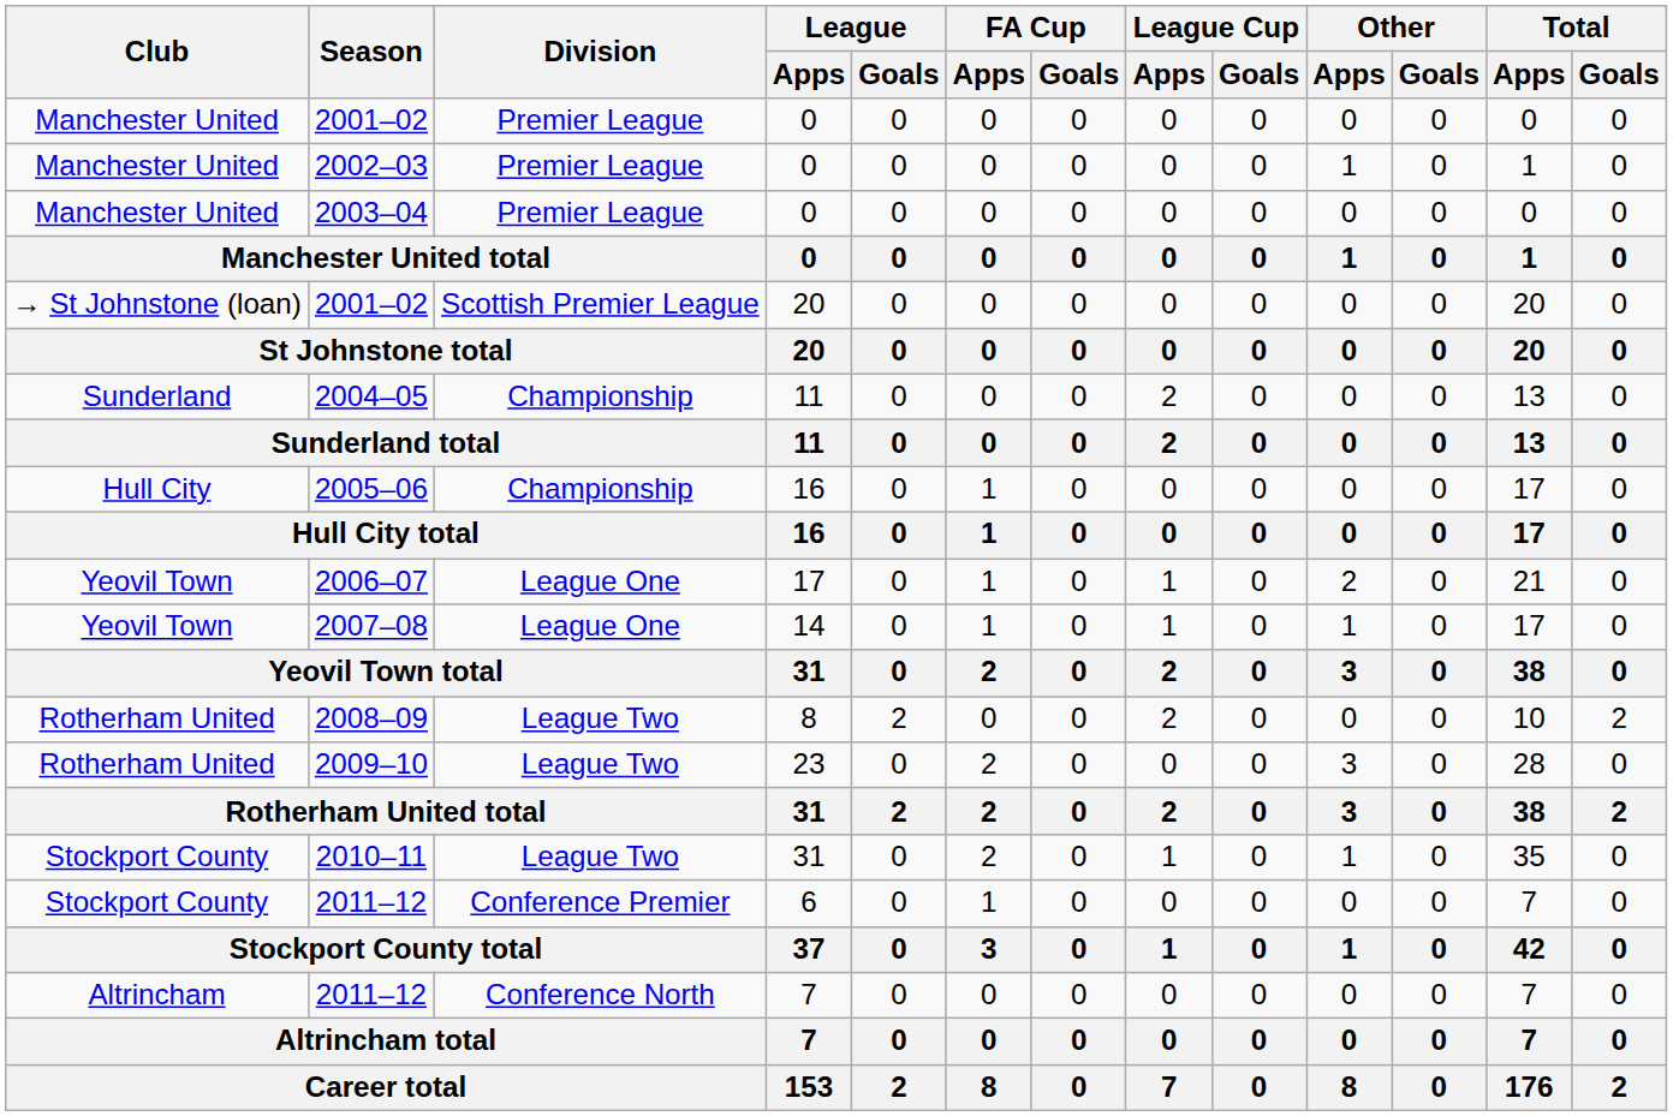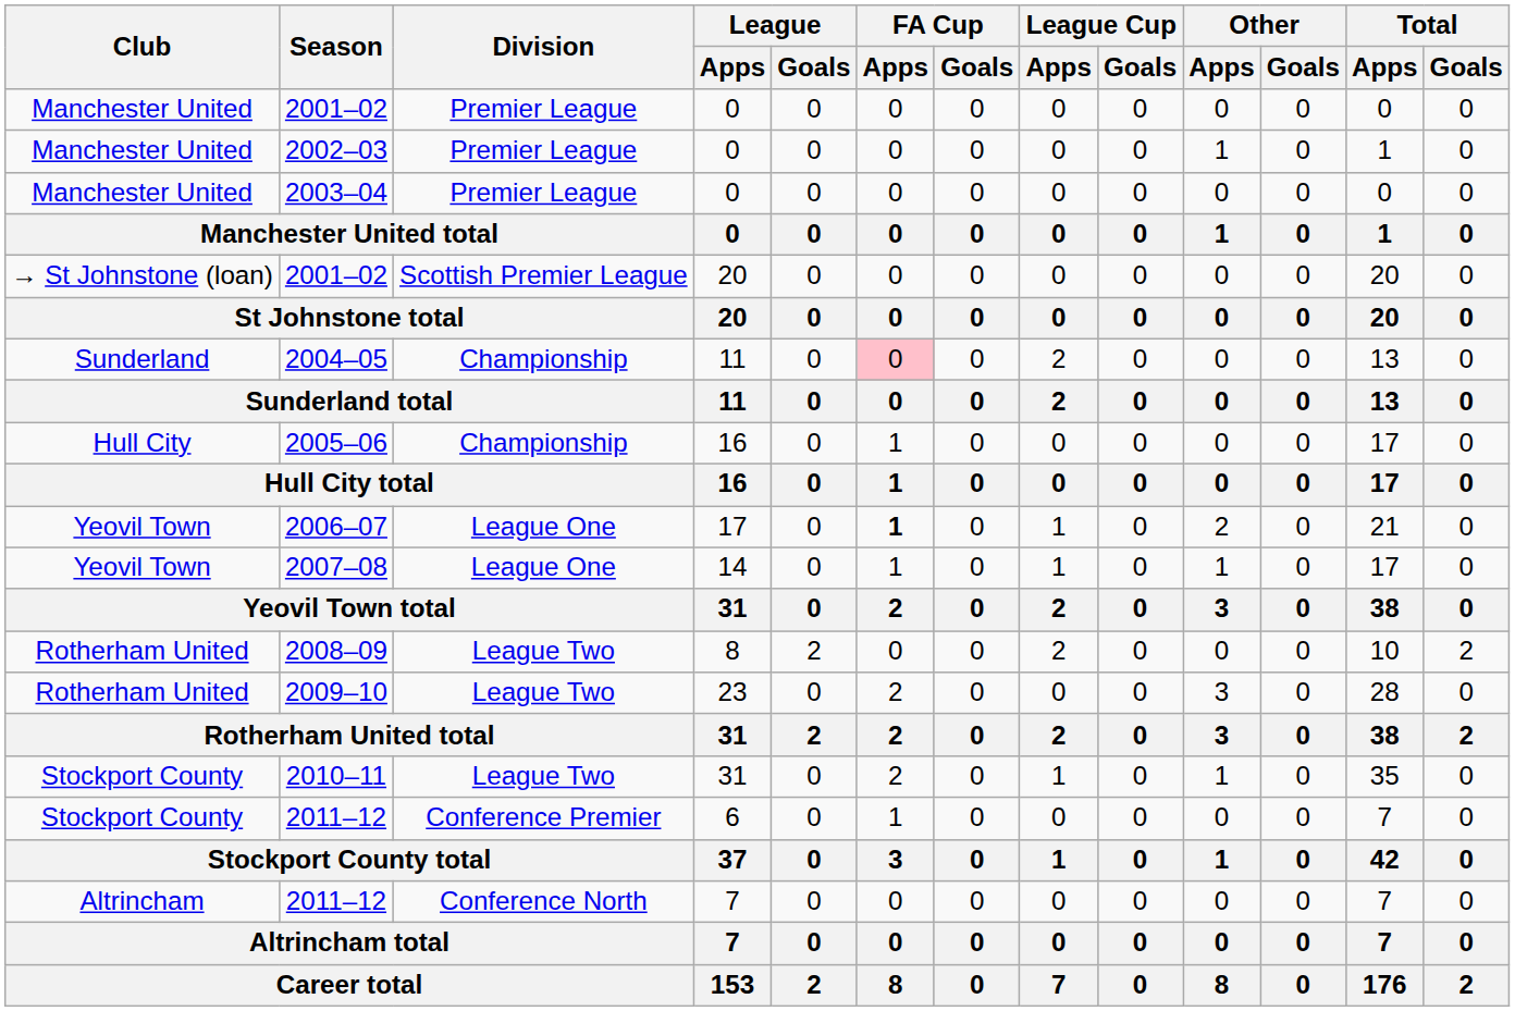 <table class="wikitable" style="text-align:center;">
 <tr>
 <th rowspan="2">Club</th>
 <th rowspan="2">Season</th>
 <th rowspan="2">Division</th>
 <th colspan="2">League</th>
 <th colspan="2">FA Cup</th>
 <th colspan="2">League Cup</th>
 <th colspan="2">Other</th>
 <th colspan="2">Total</th>
 </tr>
 <tr>
 <th>Apps</th>
 <th>Goals</th>
 <th>Apps</th>
 <th>Goals</th>
 <th>Apps</th>
 <th>Goals</th>
 <th>Apps</th>
 <th>Goals</th>
 <th>Apps</th>
 <th>Goals</th>
 </tr>
 <tr>
 <td><a href='#'>Manchester United</a></td>
 <td><a href='#'>2001–02</a></td>
 <td><a href='#'>Premier League</a></td>
 <td>0</td>
 <td>0</td>
 <td>0</td>
 <td>0</td>
 <td>0</td>
 <td>0</td>
 <td>0</td>
 <td>0</td>
 <td>0</td>
 <td>0</td>
 </tr>
 <tr>
 <td><a href='#'>Manchester United</a></td>
 <td><a href='#'>2002–03</a></td>
 <td><a href='#'>Premier League</a></td>
 <td>0</td>
 <td>0</td>
 <td>0</td>
 <td>0</td>
 <td>0</td>
 <td>0</td>
 <td>1</td>
 <td>0</td>
 <td>1</td>
 <td>0</td>
 </tr>
 <tr>
 <td><a href='#'>Manchester United</a></td>
 <td><a href='#'>2003–04</a></td>
 <td><a href='#'>Premier League</a></td>
 <td>0</td>
 <td>0</td>
 <td>0</td>
 <td>0</td>
 <td>0</td>
 <td>0</td>
 <td>0</td>
 <td>0</td>
 <td>0</td>
 <td>0</td>
 </tr>
 <tr>
 <th colspan="3">Manchester United total</th>
 <th>0</th>
 <th>0</th>
 <th>0</th>
 <th>0</th>
 <th>0</th>
 <th>0</th>
 <th>1</th>
 <th>0</th>
 <th>1</th>
 <th>0</th>
 </tr>
 <tr>
 <td>→ <a href='#'>St Johnstone</a> (loan)</td>
 <td><a href='#'>2001–02</a></td>
 <td><a href='#'>Scottish Premier League</a></td>
 <td>20</td>
 <td>0</td>
 <td>0</td>
 <td>0</td>
 <td>0</td>
 <td>0</td>
 <td>0</td>
 <td>0</td>
 <td>20</td>
 <td>0</td>
 </tr>
 <tr>
 <th colspan="3">St Johnstone total</th>
 <th>20</th>
 <th>0</th>
 <th>0</th>
 <th>0</th>
 <th>0</th>
 <th>0</th>
 <th>0</th>
 <th>0</th>
 <th>20</th>
 <th>0</th>
 </tr>
 <tr>
 <td><a href='#'>Sunderland</a></td>
 <td><a href='#'>2004–05</a></td>
 <td><a href='#'>Championship</a></td>
 <td>11</td>
 <td>0</td>
-<td>0</td>
+<td style="background: pink;">0</td>
 <td>0</td>
 <td>2</td>
 <td>0</td>
 <td>0</td>
 <td>0</td>
 <td>13</td>
 <td>0</td>
 </tr>
 <tr>
 <th colspan="3">Sunderland total</th>
 <th>11</th>
 <th>0</th>
 <th>0</th>
 <th>0</th>
 <th>2</th>
 <th>0</th>
 <th>0</th>
 <th>0</th>
 <th>13</th>
 <th>0</th>
 </tr>
 <tr>
 <td><a href='#'>Hull City</a></td>
 <td><a href='#'>2005–06</a></td>
 <td><a href='#'>Championship</a></td>
 <td>16</td>
 <td>0</td>
 <td>1</td>
 <td>0</td>
 <td>0</td>
 <td>0</td>
 <td>0</td>
 <td>0</td>
 <td>17</td>
 <td>0</td>
 </tr>
 <tr>
 <th colspan="3">Hull City total</th>
 <th>16</th>
 <th>0</th>
 <th>1</th>
 <th>0</th>
 <th>0</th>
 <th>0</th>
 <th>0</th>
 <th>0</th>
 <th>17</th>
 <th>0</th>
 </tr>
 <tr>
 <td><a href='#'>Yeovil Town</a></td>
 <td><a href='#'>2006–07</a></td>
 <td><a href='#'>League One</a></td>
 <td>17</td>
 <td>0</td>
-<td>1</td>
+<td><strong>1</strong></td>
 <td>0</td>
 <td>1</td>
 <td>0</td>
 <td>2</td>
 <td>0</td>
 <td>21</td>
 <td>0</td>
 </tr>
 <tr>
 <td><a href='#'>Yeovil Town</a></td>
 <td><a href='#'>2007–08</a></td>
 <td><a href='#'>League One</a></td>
 <td>14</td>
 <td>0</td>
 <td>1</td>
 <td>0</td>
 <td>1</td>
 <td>0</td>
 <td>1</td>
 <td>0</td>
 <td>17</td>
 <td>0</td>
 </tr>
 <tr>
 <th colspan="3">Yeovil Town total</th>
 <th>31</th>
 <th>0</th>
 <th>2</th>
 <th>0</th>
 <th>2</th>
 <th>0</th>
 <th>3</th>
 <th>0</th>
 <th>38</th>
 <th>0</th>
 </tr>
 <tr>
 <td><a href='#'>Rotherham United</a></td>
 <td><a href='#'>2008–09</a></td>
 <td><a href='#'>League Two</a></td>
 <td>8</td>
 <td>2</td>
 <td>0</td>
 <td>0</td>
 <td>2</td>
 <td>0</td>
 <td>0</td>
 <td>0</td>
 <td>10</td>
 <td>2</td>
 </tr>
 <tr>
 <td><a href='#'>Rotherham United</a></td>
 <td><a href='#'>2009–10</a></td>
 <td><a href='#'>League Two</a></td>
 <td>23</td>
 <td>0</td>
 <td>2</td>
 <td>0</td>
 <td>0</td>
 <td>0</td>
 <td>3</td>
 <td>0</td>
 <td>28</td>
 <td>0</td>
 </tr>
 <tr>
 <th colspan="3">Rotherham United total</th>
 <th>31</th>
 <th>2</th>
 <th>2</th>
 <th>0</th>
 <th>2</th>
 <th>0</th>
 <th>3</th>
 <th>0</th>
 <th>38</th>
 <th>2</th>
 </tr>
 <tr>
 <td><a href='#'>Stockport County</a></td>
 <td><a href='#'>2010–11</a></td>
 <td><a href='#'>League Two</a></td>
 <td>31</td>
 <td>0</td>
 <td>2</td>
 <td>0</td>
 <td>1</td>
 <td>0</td>
 <td>1</td>
 <td>0</td>
 <td>35</td>
 <td>0</td>
 </tr>
 <tr>
 <td><a href='#'>Stockport County</a></td>
 <td><a href='#'>2011–12</a></td>
 <td><a href='#'>Conference Premier</a></td>
 <td>6</td>
 <td>0</td>
 <td>1</td>
 <td>0</td>
 <td>0</td>
 <td>0</td>
 <td>0</td>
 <td>0</td>
 <td>7</td>
 <td>0</td>
 </tr>
 <tr>
 <th colspan="3">Stockport County total</th>
 <th>37</th>
 <th>0</th>
 <th>3</th>
 <th>0</th>
 <th>1</th>
 <th>0</th>
 <th>1</th>
 <th>0</th>
 <th>42</th>
 <th>0</th>
 </tr>
 <tr>
 <td><a href='#'>Altrincham</a></td>
 <td><a href='#'>2011–12</a></td>
 <td><a href='#'>Conference North</a></td>
 <td>7</td>
 <td>0</td>
 <td>0</td>
 <td>0</td>
 <td>0</td>
 <td>0</td>
 <td>0</td>
 <td>0</td>
 <td>7</td>
 <td>0</td>
 </tr>
 <tr>
 <th colspan="3">Altrincham total</th>
 <th>7</th>
 <th>0</th>
 <th>0</th>
 <th>0</th>
 <th>0</th>
 <th>0</th>
 <th>0</th>
 <th>0</th>
 <th>7</th>
 <th>0</th>
 </tr>
 <tr>
 <th colspan="3">Career total</th>
 <th>153</th>
 <th>2</th>
 <th>8</th>
 <th>0</th>
 <th>7</th>
 <th>0</th>
 <th>8</th>
 <th>0</th>
 <th>176</th>
 <th>2</th>
 </tr>
 </table>
